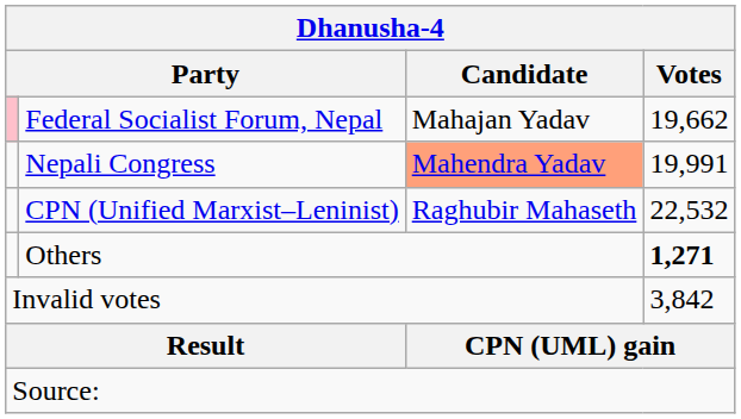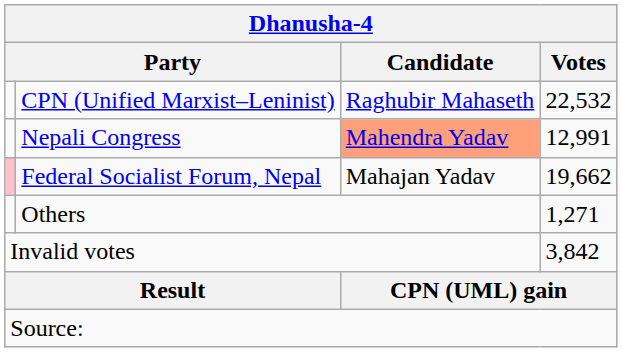 <table class="wikitable">
 <tr>
 <th colspan="4"><a href='#'>Dhanusha-4</a></th>
 </tr>
 <tr>
 <th colspan="2">Party</th>
 <th>Candidate</th>
 <th>Votes</th>
 </tr>
 <tr>
+<td style="background-color:"></td>
+<td><a href='#'>CPN (Unified Marxist–Leninist)</a></td>
+<td><a href='#'>Raghubir Mahaseth</a></td>
+<td>22,532</td>
+</tr>
+<tr>
+<td style="background-color:"></td>
+<td><a href='#'>Nepali Congress</a></td>
+<td style="background: lightsalmon;"><a href='#'>Mahendra Yadav</a></td>
+<td>12,991</td>
+</tr>
+<tr>
 <td style="background-color:#ffc0cb"></td>
 <td><a href='#'>Federal Socialist Forum, Nepal</a></td>
 <td>Mahajan Yadav</td>
 <td>19,662</td>
 </tr>
 <tr>
-<td style="background-color:"></td>
-<td><a href='#'>Nepali Congress</a></td>
-<td style="background: lightsalmon;"><a href='#'>Mahendra Yadav</a></td>
-<td>19,991</td>
-</tr>
-<tr>
-<td style="background-color:"></td>
-<td><a href='#'>CPN (Unified Marxist–Leninist)</a></td>
-<td><a href='#'>Raghubir Mahaseth</a></td>
-<td>22,532</td>
-</tr>
-<tr>
 <td></td>
 <td colspan="2">Others</td>
-<td><strong>1,271</strong></td>
+<td>1,271</td>
 </tr>
 <tr>
 <td colspan="3">Invalid votes</td>
 <td>3,842</td>
 </tr>
 <tr>
 <th colspan="2">Result</th>
 <th colspan="2">CPN (UML) gain</th>
 </tr>
 <tr>
 <td colspan="4">Source: </td>
 </tr>
 </table>
